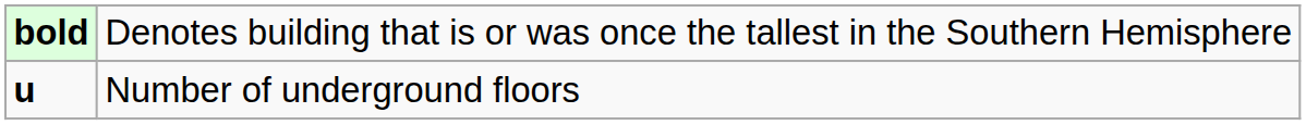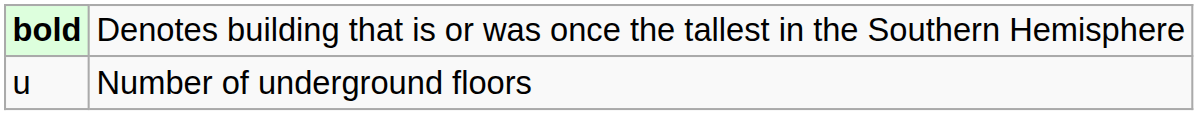 <table class="wikitable">
 <tr>
 <td align="center" style="background-color:#dfd"><strong>bold</strong></td>
 <td>Denotes building that is or was once the tallest in the Southern Hemisphere</td>
 </tr>
 <tr>
-<td><strong>u</strong></td>
+<td>u</td>
 <td>Number of underground floors</td>
 </tr>
 </table>
